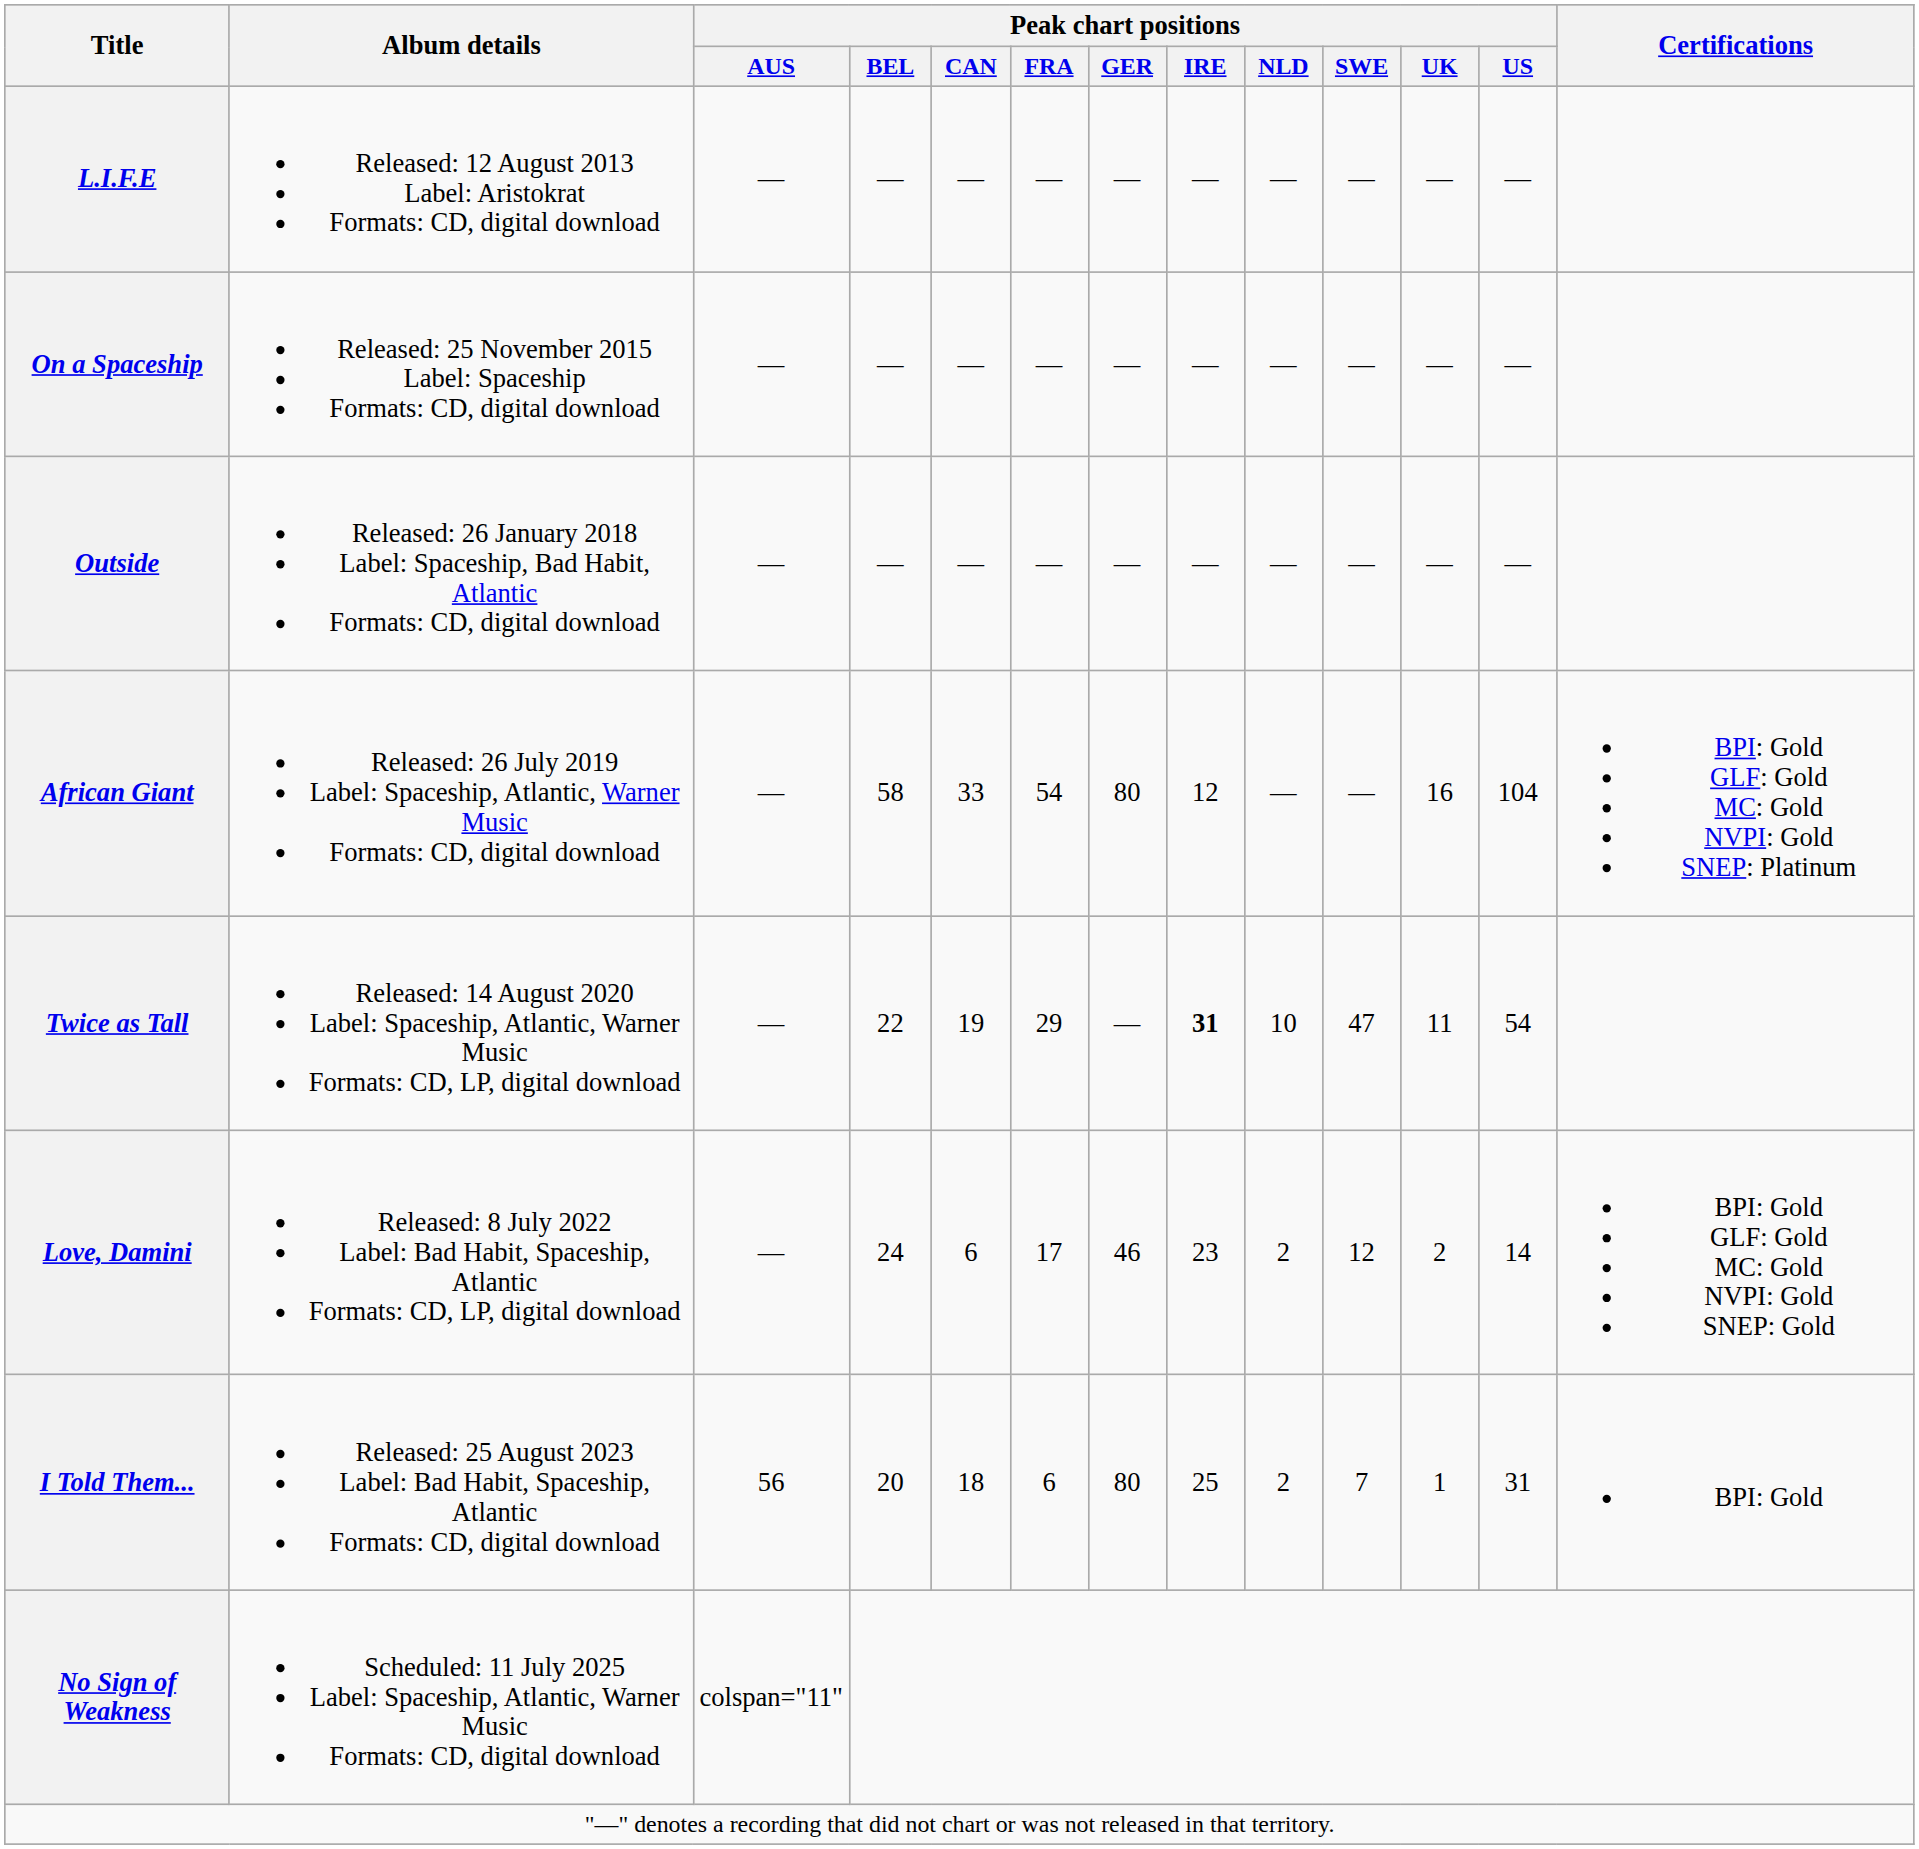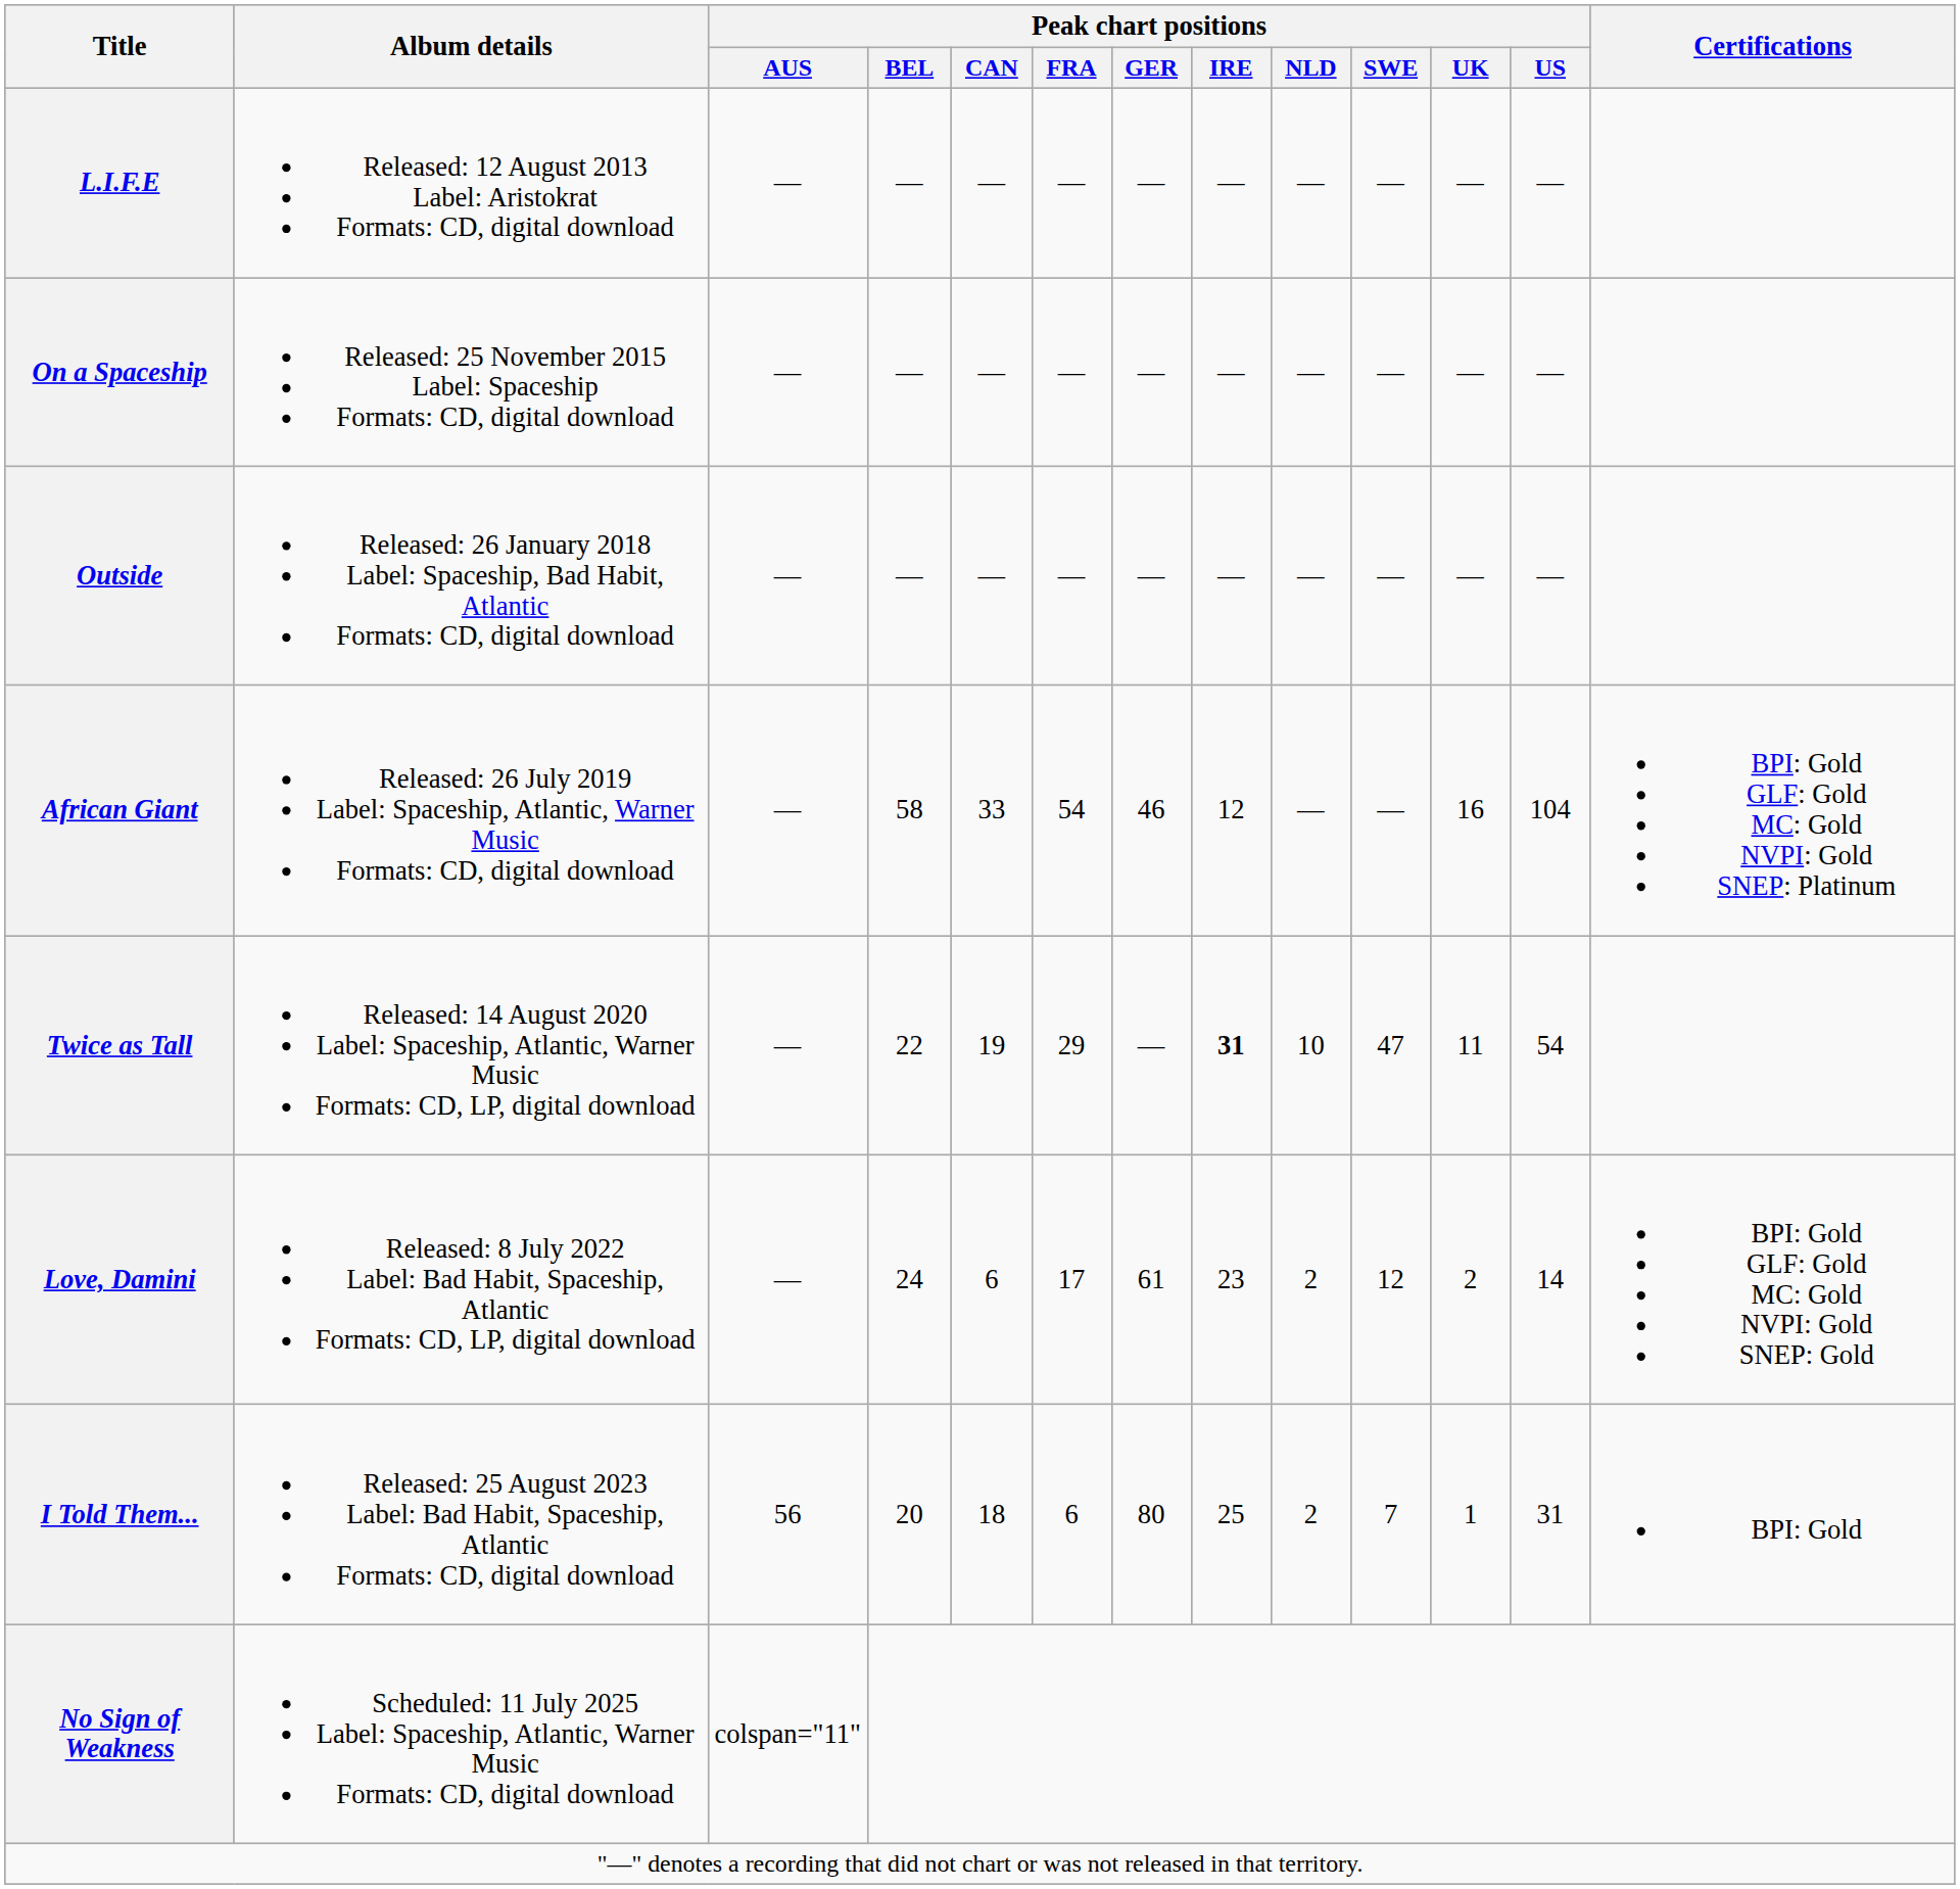 <table class="wikitable plainrowheaders" style="text-align:center;">
 <tr>
 <th scope="col" rowspan="2" style="width:8em;">Title</th>
 <th scope="col" rowspan="2" style="width:17em;">Album details</th>
 <th scope="col" colspan="10">Peak chart positions</th>
 <th scope="col" rowspan="2" style="width:13em;"><a href='#'>Certifications</a></th>
 </tr>
 <tr>
 <th scope="col" style="width:2.8em;font-size:90%;"><a href='#'>AUS</a><br></th>
 <th scope="col" style="width:3em;font-size:90%;"><a href='#'>BEL</a><br></th>
 <th scope="col" style="width:2.8em;font-size:90%;"><a href='#'>CAN</a><br></th>
 <th scope="col" style="width:2.8em;font-size:90%;"><a href='#'>FRA</a><br></th>
 <th scope="col" style="width:2.8em;font-size:90%;"><a href='#'>GER</a><br></th>
 <th scope="col" style="width:2.8em;font-size:90%;"><a href='#'>IRE</a><br></th>
 <th scope="col" style="width:2.8em;font-size:90%;"><a href='#'>NLD</a><br></th>
 <th scope="col" style="width:2.8em;font-size:90%;"><a href='#'>SWE</a><br></th>
 <th scope="col" style="width:2.8em;font-size:90%;"><a href='#'>UK</a><br></th>
 <th scope="col" style="width:2.8em;font-size:90%;"><a href='#'>US</a><br></th>
 </tr>
 <tr>
 <th scope="row"><em><a href='#'>L.I.F.E</a></em></th>
 <td><br><ul><li>Released: 12 August 2013</li><li>Label: Aristokrat</li><li>Formats: CD, digital download</li></ul></td>
 <td>—</td>
 <td>—</td>
 <td>—</td>
 <td>—</td>
 <td>—</td>
 <td>—</td>
 <td>—</td>
 <td>—</td>
 <td>—</td>
 <td>—</td>
 <td></td>
 </tr>
 <tr>
 <th scope="row"><em><a href='#'>On a Spaceship</a></em></th>
 <td><br><ul><li>Released: 25 November 2015</li><li>Label: Spaceship</li><li>Formats: CD, digital download</li></ul></td>
 <td>—</td>
 <td>—</td>
 <td>—</td>
 <td>—</td>
 <td>—</td>
 <td>—</td>
 <td>—</td>
 <td>—</td>
 <td>—</td>
 <td>—</td>
 <td></td>
 </tr>
 <tr>
 <th scope="row"><em><a href='#'>Outside</a></em></th>
 <td><br><ul><li>Released: 26 January 2018</li><li>Label: Spaceship, Bad Habit, <a href='#'>Atlantic</a></li><li>Formats: CD, digital download</li></ul></td>
 <td>—</td>
 <td>—</td>
 <td>—</td>
 <td>—</td>
 <td>—</td>
 <td>—</td>
 <td>—</td>
 <td>—</td>
 <td>—</td>
 <td>—</td>
 <td></td>
 </tr>
 <tr>
 <th scope="row"><em><a href='#'>African Giant</a></em></th>
 <td><br><ul><li>Released: 26 July 2019</li><li>Label: Spaceship, Atlantic, <a href='#'>Warner Music</a></li><li>Formats: CD, digital download</li></ul></td>
 <td>—</td>
 <td>58</td>
 <td>33</td>
 <td>54</td>
-<td>80</td>
+<td>46</td>
 <td>12</td>
 <td>—</td>
 <td>—</td>
 <td>16</td>
 <td>104</td>
 <td><br><ul><li><a href='#'>BPI</a>: Gold</li><li><a href='#'>GLF</a>: Gold</li><li><a href='#'>MC</a>: Gold</li><li><a href='#'>NVPI</a>: Gold</li><li><a href='#'>SNEP</a>: Platinum</li></ul></td>
 </tr>
 <tr>
 <th scope="row"><em><a href='#'>Twice as Tall</a></em></th>
 <td><br><ul><li>Released: 14 August 2020</li><li>Label: Spaceship, Atlantic, Warner Music</li><li>Formats: CD, LP, digital download</li></ul></td>
 <td>—</td>
 <td>22</td>
 <td>19</td>
 <td>29</td>
 <td>—</td>
 <td><strong>31</strong></td>
 <td>10</td>
 <td>47</td>
 <td>11</td>
 <td>54</td>
 <td></td>
 </tr>
 <tr>
 <th scope="row"><em><a href='#'>Love, Damini</a></em></th>
 <td><br><ul><li>Released: 8 July 2022</li><li>Label: Bad Habit, Spaceship, Atlantic</li><li>Formats: CD, LP, digital download</li></ul></td>
 <td>—</td>
 <td>24</td>
 <td>6</td>
 <td>17</td>
-<td>46</td>
+<td>61</td>
 <td>23</td>
 <td>2</td>
 <td>12</td>
 <td>2</td>
 <td>14</td>
 <td><br><ul><li>BPI: Gold</li><li>GLF: Gold</li><li>MC: Gold</li><li>NVPI: Gold</li><li>SNEP: Gold</li></ul></td>
 </tr>
 <tr>
 <th scope="row"><em><a href='#'>I Told Them...</a></em></th>
 <td><br><ul><li>Released: 25 August 2023</li><li>Label: Bad Habit, Spaceship, Atlantic</li><li>Formats: CD, digital download</li></ul></td>
 <td>56</td>
 <td>20</td>
 <td>18</td>
 <td>6</td>
 <td>80</td>
 <td>25</td>
 <td>2</td>
 <td>7</td>
 <td>1</td>
 <td>31</td>
 <td><br><ul><li>BPI: Gold</li></ul></td>
 </tr>
 <tr>
 <th scope="row"><em><a href='#'>No Sign of Weakness</a></em></th>
 <td><br><ul><li>Scheduled: 11 July 2025</li><li>Label: Spaceship, Atlantic, Warner Music</li><li>Formats: CD, digital download</li></ul></td>
 <td>colspan="11" </td>
 </tr>
 <tr>
 <td colspan="16" style="font-size:90%">"—" denotes a recording that did not chart or was not released in that territory.</td>
 </tr>
 </table>
